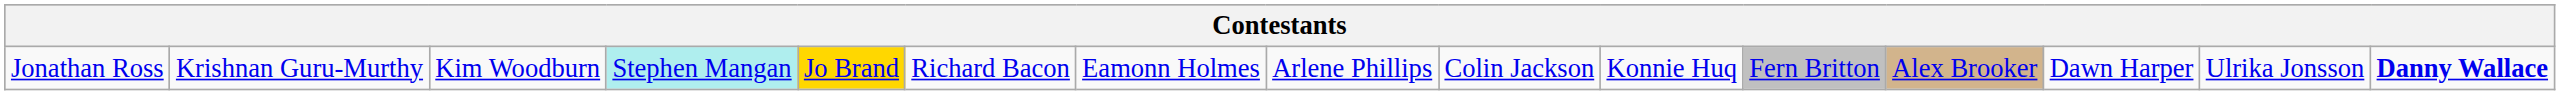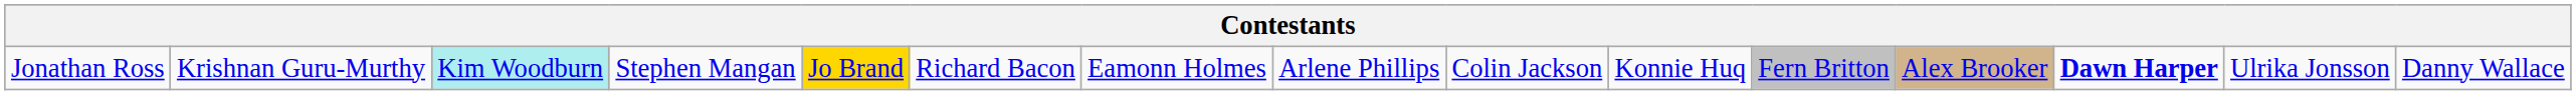 <table class="wikitable collapsible">
 <tr>
 <th colspan="15">Contestants</th>
 </tr>
 <tr>
 <td><a href='#'>Jonathan Ross</a></td>
 <td><a href='#'>Krishnan Guru-Murthy</a></td>
-<td><a href='#'>Kim Woodburn</a></td>
-<td style="background: paleturquoise;"><a href='#'>Stephen Mangan</a></td>
+<td style="background: paleturquoise;"><a href='#'>Kim Woodburn</a></td>
+<td><a href='#'>Stephen Mangan</a></td>
 <td style="background:gold;"><a href='#'>Jo Brand</a></td>
 <td><a href='#'>Richard Bacon</a></td>
 <td><a href='#'>Eamonn Holmes</a></td>
 <td><a href='#'>Arlene Phillips</a></td>
 <td><a href='#'>Colin Jackson</a></td>
 <td><a href='#'>Konnie Huq</a></td>
 <td style="background:silver;"><a href='#'>Fern Britton</a></td>
 <td style="background:tan;"><a href='#'>Alex Brooker</a></td>
-<td><a href='#'>Dawn Harper</a></td>
+<td><strong><a href='#'>Dawn Harper</a></strong></td>
 <td><a href='#'>Ulrika Jonsson</a></td>
-<td><strong><a href='#'>Danny Wallace</a></strong></td>
+<td><a href='#'>Danny Wallace</a></td>
 </tr>
 </table>
